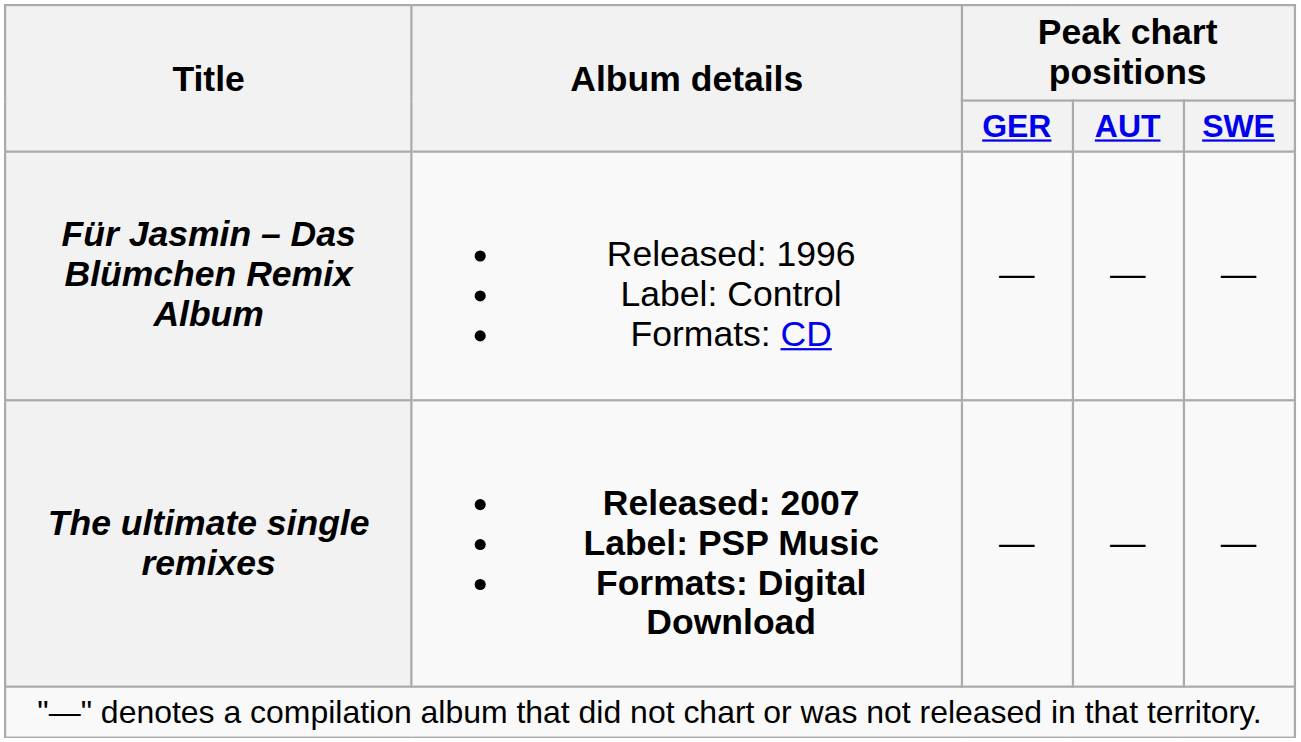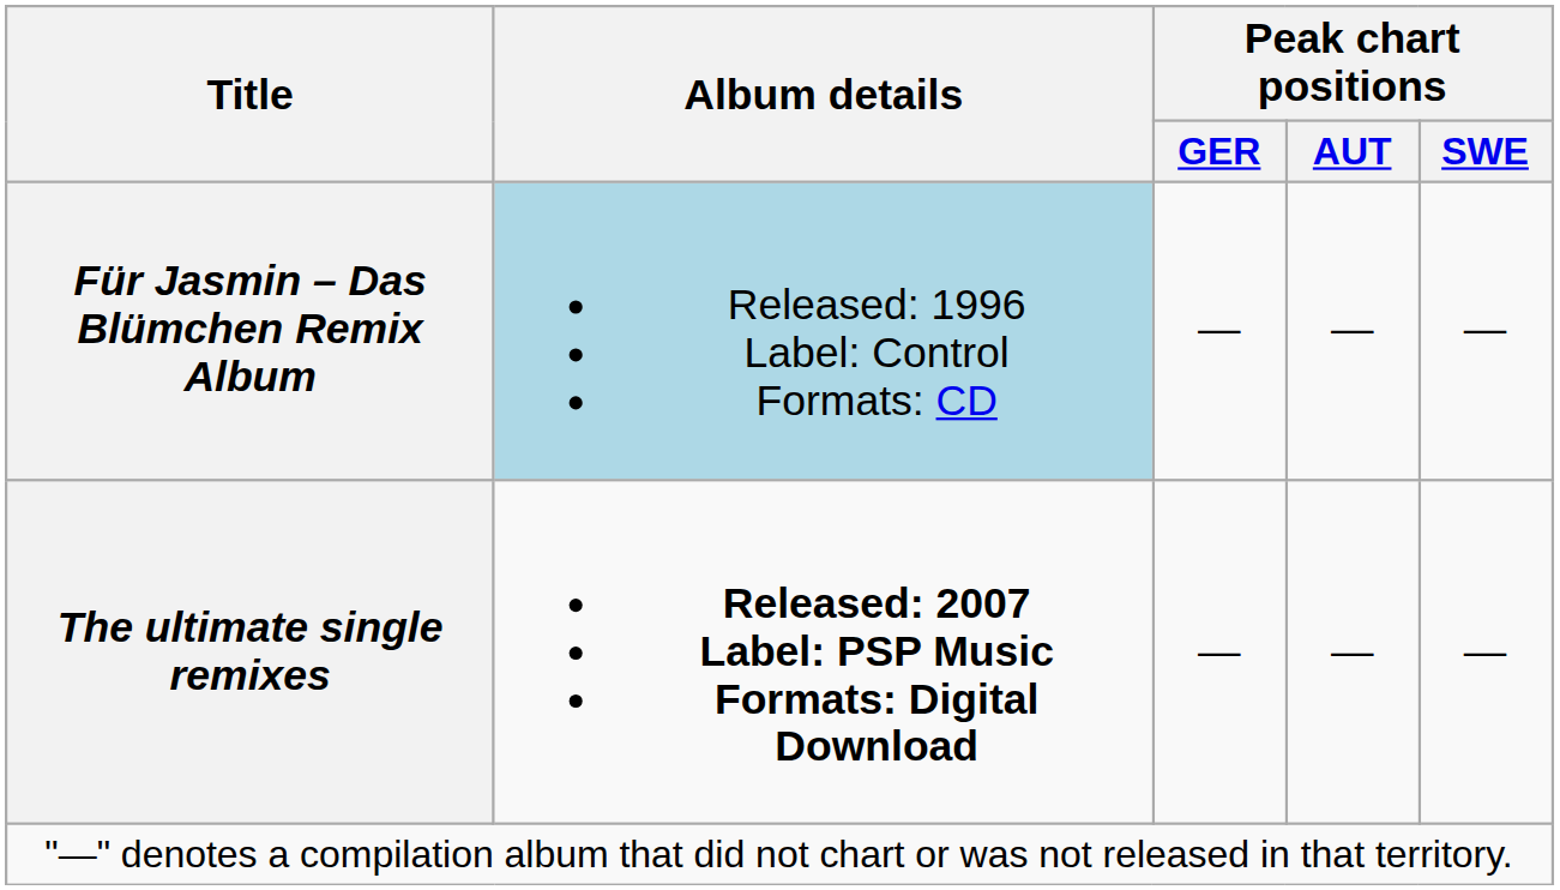 <table class="wikitable plainrowheaders" style="text-align:center;">
 <tr>
 <th scope="col" rowspan="2" style="width:11em;">Title</th>
 <th scope="col" rowspan="2" style="width:15em;">Album details</th>
 <th scope="col" colspan="3">Peak chart positions</th>
 </tr>
 <tr>
 <th style="width:3em;font-size:90%"><a href='#'>GER</a><br></th>
 <th style="width:3em;font-size:90%"><a href='#'>AUT</a><br></th>
 <th style="width:3em;font-size:90%"><a href='#'>SWE</a><br></th>
 </tr>
 <tr>
 <th scope="row"><em>Für Jasmin – Das Blümchen Remix Album</em></th>
-<td><br><ul><li>Released: 1996 </li><li>Label: Control</li><li>Formats: <a href='#'>CD</a></li></ul></td>
+<td style="background: lightblue;"><br><ul><li>Released: 1996 </li><li>Label: Control</li><li>Formats: <a href='#'>CD</a></li></ul></td>
 <td>—</td>
 <td>—</td>
 <td>—</td>
 </tr>
 <tr>
 <th scope="row"><em>The ultimate single remixes</em></th>
 <td><strong><br><ul><li>Released: 2007 </li><li>Label: PSP Music</li><li>Formats: Digital Download</li></ul></strong></td>
 <td>—</td>
 <td>—</td>
 <td>—</td>
 </tr>
 <tr>
 <td colspan="15" style="font-size:90%">"—" denotes a compilation album that did not chart or was not released in that territory.</td>
 </tr>
 </table>
